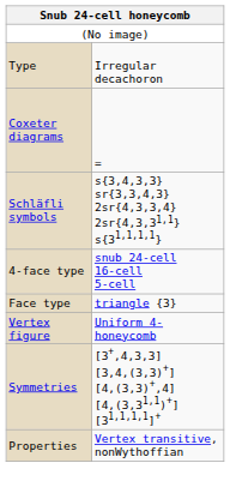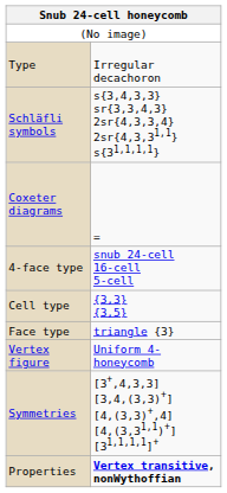 <table class="wikitable" align="right" style="margin-left:10px" width="250">
 <tr>
 <th bgcolor=#e7dcc3 colspan=2>Snub 24-cell honeycomb</th>
 </tr>
 <tr>
 <td bgcolor=#ffffff align=center colspan=2>(No image)</td>
 </tr>
 <tr>
 <td bgcolor=#e7dcc3>Type</td>
 <td><br>Irregular decachoron</td>
 </tr>
 <tr>
+<td bgcolor=#e7dcc3><a href='#'>Schläfli symbols</a></td>
+<td>s{3,4,3,3}<br>sr{3,3,4,3}<br>2sr{4,3,3,4}<br>2sr{4,3,3<sup>1,1</sup>}<br>s{3<sup>1,1,1,1</sup>}</td>
+</tr>
+<tr>
 <td bgcolor=#e7dcc3><a href='#'>Coxeter diagrams</a></td>
 <td><br><br> <br> <br> <br>  = </td>
 </tr>
 <tr>
-<td bgcolor=#e7dcc3><a href='#'>Schläfli symbols</a></td>
-<td>s{3,4,3,3}<br>sr{3,3,4,3}<br>2sr{4,3,3,4}<br>2sr{4,3,3<sup>1,1</sup>}<br>s{3<sup>1,1,1,1</sup>}</td>
+<td bgcolor=#e7dcc3>4-face type</td>
+<td><a href='#'>snub 24-cell</a> <br><a href='#'>16-cell</a> <br><a href='#'>5-cell</a> </td>
 </tr>
 <tr>
-<td bgcolor=#e7dcc3>4-face type</td>
-<td><a href='#'>snub 24-cell</a> <br><a href='#'>16-cell</a> <br><a href='#'>5-cell</a> </td>
+<td bgcolor=#e7dcc3>Cell type</td>
+<td><a href='#'>{3,3}</a> <br><a href='#'>{3,5}</a> </td>
 </tr>
 <tr>
 <td bgcolor=#e7dcc3>Face type</td>
 <td><a href='#'>triangle</a> {3}</td>
 </tr>
 <tr>
 <td bgcolor=#e7dcc3><a href='#'>Vertex figure</a></td>
 <td><a href='#'>Uniform 4-honeycomb</a></td>
 </tr>
 <tr>
 <td bgcolor=#e7dcc3><a href='#'>Symmetries</a></td>
 <td>[3<sup>+</sup>,4,3,3]<br>[3,4,(3,3)<sup>+</sup>]<br>[4,(3,3)<sup>+</sup>,4]<br>[4,(3,3<sup>1,1</sup>)<sup>+</sup>]<br>[3<sup>1,1,1,1</sup>]<sup>+</sup></td>
 </tr>
 <tr>
 <td bgcolor=#e7dcc3>Properties</td>
-<td><a href='#'>Vertex transitive</a>, nonWythoffian</td>
+<td><strong><a href='#'>Vertex transitive</a>, nonWythoffian</strong></td>
 </tr>
 </table>
